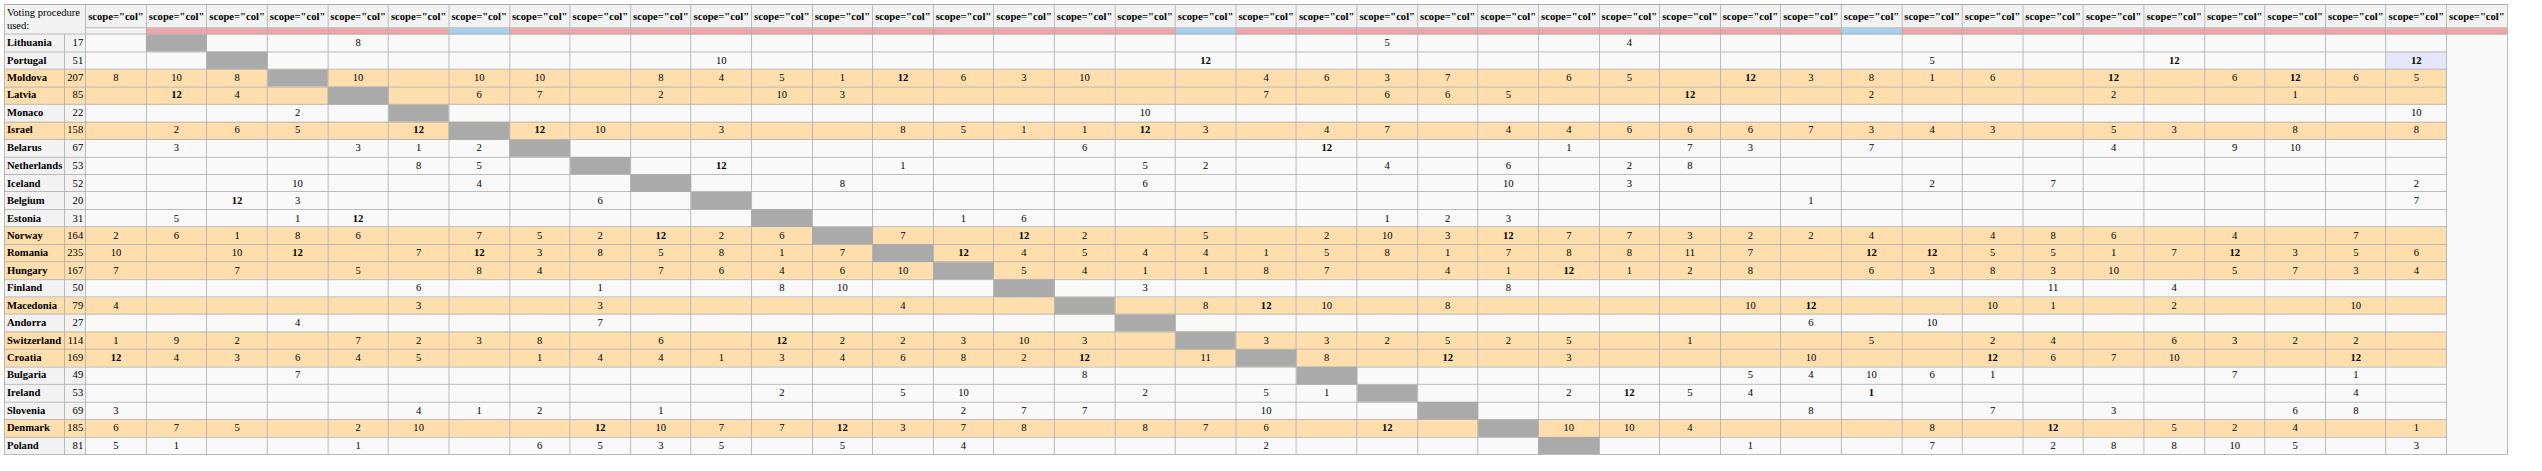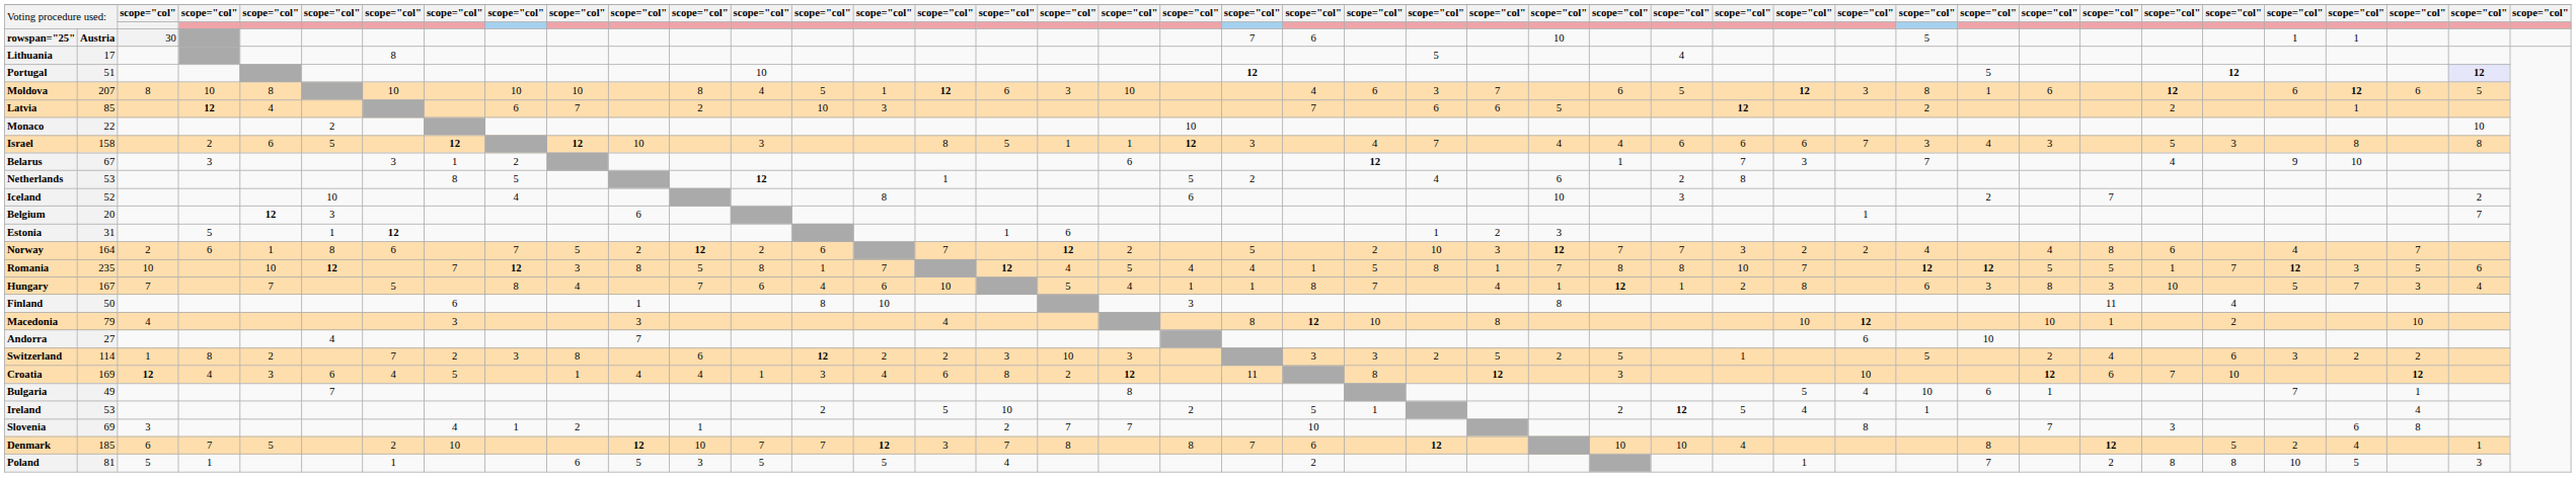 <table class="wikitable plainrowheaders" style="text-align:center; font-size:85%;">
 <tr>
 </tr>
 <tr>
 <td colspan="2" rowspan="2" style="text-align:left; background:#F2F2F2">Voting procedure used:<br></td>
 <th>scope="col" </th>
 <th>scope="col" </th>
 <th>scope="col" </th>
 <th>scope="col" </th>
 <th>scope="col" </th>
 <th>scope="col" </th>
 <th>scope="col" </th>
 <th>scope="col" </th>
 <th>scope="col" </th>
 <th>scope="col" </th>
 <th>scope="col" </th>
 <th>scope="col" </th>
 <th>scope="col" </th>
 <th>scope="col" </th>
 <th>scope="col" </th>
 <th>scope="col" </th>
 <th>scope="col" </th>
 <th>scope="col" </th>
 <th>scope="col" </th>
 <th>scope="col" </th>
 <th>scope="col" </th>
 <th>scope="col" </th>
 <th>scope="col" </th>
 <th>scope="col" </th>
 <th>scope="col" </th>
 <th>scope="col" </th>
 <th>scope="col" </th>
 <th>scope="col" </th>
 <th>scope="col" </th>
 <th>scope="col" </th>
 <th>scope="col" </th>
 <th>scope="col" </th>
 <th>scope="col" </th>
 <th>scope="col" </th>
 <th>scope="col" </th>
 <th>scope="col" </th>
 <th>scope="col" </th>
 <th>scope="col" </th>
 <th>scope="col" </th>
 <th>scope="col" </th>
 </tr>
 <tr>
 <th style="height:2px; border-top:1px solid transparent;"></th>
 <td style="background:#EFA4A9;"></td>
 <td style="background:#EFA4A9;"></td>
 <td style="background:#EFA4A9;"></td>
 <td style="background:#EFA4A9;"></td>
 <td style="background:#EFA4A9;"></td>
 <td style="background:#A4D1EF;"></td>
 <td style="background:#EFA4A9;"></td>
 <td style="background:#EFA4A9;"></td>
 <td style="background:#EFA4A9;"></td>
 <td style="background:#EFA4A9;"></td>
 <td style="background:#EFA4A9;"></td>
 <td style="background:#EFA4A9;"></td>
 <td style="background:#EFA4A9;"></td>
 <td style="background:#EFA4A9;"></td>
 <td style="background:#EFA4A9;"></td>
 <td style="background:#EFA4A9;"></td>
 <td style="background:#EFA4A9;"></td>
 <td style="background:#A4D1EF;"></td>
 <td style="background:#EFA4A9;"></td>
 <td style="background:#EFA4A9;"></td>
 <td style="background:#EFA4A9;"></td>
 <td style="background:#EFA4A9;"></td>
 <td style="background:#EFA4A9;"></td>
 <td style="background:#EFA4A9;"></td>
 <td style="background:#EFA4A9;"></td>
 <td style="background:#EFA4A9;"></td>
 <td style="background:#EFA4A9;"></td>
 <td style="background:#EFA4A9;"></td>
 <td style="background:#A4D1EF;"></td>
 <td style="background:#EFA4A9;"></td>
 <td style="background:#EFA4A9;"></td>
 <td style="background:#EFA4A9;"></td>
 <td style="background:#EFA4A9;"></td>
 <td style="background:#EFA4A9;"></td>
 <td style="background:#EFA4A9;"></td>
 <td style="background:#EFA4A9;"></td>
 <td style="background:#EFA4A9;"></td>
 <td style="background:#EFA4A9;"></td>
 <td style="background:#EFA4A9;"></td>
+</tr>
+<tr>
+<th>rowspan="25" </th>
+<th scope="row" style="text-align:left; background:#f2f2f2;">Austria</th>
+<td style="text-align:right; background:#f2f2f2;">30</td>
+<td style="text-align:left; background:#aaa;"></td>
+<td></td>
+<td></td>
+<td></td>
+<td></td>
+<td></td>
+<td></td>
+<td></td>
+<td></td>
+<td></td>
+<td></td>
+<td></td>
+<td></td>
+<td></td>
+<td></td>
+<td></td>
+<td></td>
+<td>7</td>
+<td>6</td>
+<td></td>
+<td></td>
+<td></td>
+<td>10</td>
+<td></td>
+<td></td>
+<td></td>
+<td></td>
+<td></td>
+<td>5</td>
+<td></td>
+<td></td>
+<td></td>
+<td></td>
+<td></td>
+<td>1</td>
+<td>1</td>
+<td></td>
+<td></td>
+<td></td>
 </tr>
 <tr>
 <th scope="row" style="text-align:left; background:#f2f2f2;">Lithuania</th>
 <td style="text-align:right; background:#f2f2f2;">17</td>
 <td></td>
 <td style="text-align:left; background:#aaa;"></td>
 <td></td>
 <td></td>
 <td>8</td>
 <td></td>
 <td></td>
 <td></td>
 <td></td>
 <td></td>
 <td></td>
 <td></td>
 <td></td>
 <td></td>
 <td></td>
 <td></td>
 <td></td>
 <td></td>
 <td></td>
 <td></td>
 <td></td>
 <td>5</td>
 <td></td>
 <td></td>
 <td></td>
 <td>4</td>
 <td></td>
 <td></td>
 <td></td>
 <td></td>
 <td></td>
 <td></td>
 <td></td>
 <td></td>
 <td></td>
 <td></td>
 <td></td>
 <td></td>
 <td></td>
 </tr>
 <tr>
 <th scope="row" style="text-align:left; background:#f2f2f2;">Portugal</th>
 <td style="text-align:right; background:#f2f2f2;">51</td>
 <td></td>
 <td></td>
 <td style="text-align:left; background:#aaa;"></td>
 <td></td>
 <td></td>
 <td></td>
 <td></td>
 <td></td>
 <td></td>
 <td></td>
 <td>10</td>
 <td></td>
 <td></td>
 <td></td>
 <td></td>
 <td></td>
 <td></td>
 <td></td>
 <td><strong>12</strong></td>
 <td></td>
 <td></td>
 <td></td>
 <td></td>
 <td></td>
 <td></td>
 <td></td>
 <td></td>
 <td></td>
 <td></td>
 <td></td>
 <td>5</td>
 <td></td>
 <td></td>
 <td></td>
 <td><strong>12</strong></td>
 <td></td>
 <td></td>
 <td></td>
 <td style="background: lavender;"><strong>12</strong></td>
 </tr>
 <tr style="background:#ffdead;">
 <th scope="row" style="text-align:left; font-weight:bold; background:#ffdead;">Moldova</th>
 <td style="text-align:right;">207</td>
 <td>8</td>
 <td>10</td>
 <td>8</td>
 <td style="text-align:left; background:#aaa;"></td>
 <td>10</td>
 <td></td>
 <td>10</td>
 <td>10</td>
 <td></td>
 <td>8</td>
 <td>4</td>
 <td>5</td>
 <td>1</td>
 <td><strong>12</strong></td>
 <td>6</td>
 <td>3</td>
 <td>10</td>
 <td></td>
 <td></td>
 <td>4</td>
 <td>6</td>
 <td>3</td>
 <td>7</td>
 <td></td>
 <td>6</td>
 <td>5</td>
 <td></td>
 <td><strong>12</strong></td>
 <td>3</td>
 <td>8</td>
 <td>1</td>
 <td>6</td>
 <td></td>
 <td><strong>12</strong></td>
 <td></td>
 <td>6</td>
 <td><strong>12</strong></td>
 <td>6</td>
 <td>5</td>
 </tr>
 <tr style="background:#ffdead;">
 <th scope="row" style="text-align:left; font-weight:bold; background:#ffdead;">Latvia</th>
 <td style="text-align:right;">85</td>
 <td></td>
 <td><strong>12</strong></td>
 <td>4</td>
 <td></td>
 <td style="text-align:left; background:#aaa;"></td>
 <td></td>
 <td>6</td>
 <td>7</td>
 <td></td>
 <td>2</td>
 <td></td>
 <td>10</td>
 <td>3</td>
 <td></td>
 <td></td>
 <td></td>
 <td></td>
 <td></td>
 <td></td>
 <td>7</td>
 <td></td>
 <td>6</td>
 <td>6</td>
 <td>5</td>
 <td></td>
 <td></td>
 <td><strong>12</strong></td>
 <td></td>
 <td></td>
 <td>2</td>
 <td></td>
 <td></td>
 <td></td>
 <td>2</td>
 <td></td>
 <td></td>
 <td>1</td>
 <td></td>
 <td></td>
 </tr>
 <tr>
 <th scope="row" style="text-align:left; background:#f2f2f2;">Monaco</th>
 <td style="text-align:right; background:#f2f2f2;">22</td>
 <td></td>
 <td></td>
 <td></td>
 <td>2</td>
 <td></td>
 <td style="text-align:left; background:#aaa;"></td>
 <td></td>
 <td></td>
 <td></td>
 <td></td>
 <td></td>
 <td></td>
 <td></td>
 <td></td>
 <td></td>
 <td></td>
 <td></td>
 <td>10</td>
 <td></td>
 <td></td>
 <td></td>
 <td></td>
 <td></td>
 <td></td>
 <td></td>
 <td></td>
 <td></td>
 <td></td>
 <td></td>
 <td></td>
 <td></td>
 <td></td>
 <td></td>
 <td></td>
 <td></td>
 <td></td>
 <td></td>
 <td></td>
 <td>10</td>
 </tr>
 <tr style="background:#ffdead;">
 <th scope="row" style="text-align:left; font-weight:bold; background:#ffdead;">Israel</th>
 <td style="text-align:right;">158</td>
 <td></td>
 <td>2</td>
 <td>6</td>
 <td>5</td>
 <td></td>
 <td><strong>12</strong></td>
 <td style="text-align:left; background:#aaa;"></td>
 <td><strong>12</strong></td>
 <td>10</td>
 <td></td>
 <td>3</td>
 <td></td>
 <td></td>
 <td>8</td>
 <td>5</td>
 <td>1</td>
 <td>1</td>
 <td><strong>12</strong></td>
 <td>3</td>
 <td></td>
 <td>4</td>
 <td>7</td>
 <td></td>
 <td>4</td>
 <td>4</td>
 <td>6</td>
 <td>6</td>
 <td>6</td>
 <td>7</td>
 <td>3</td>
 <td>4</td>
 <td>3</td>
 <td></td>
 <td>5</td>
 <td>3</td>
 <td></td>
 <td>8</td>
 <td></td>
 <td>8</td>
 </tr>
 <tr>
 <th scope="row" style="text-align:left; background:#f2f2f2;">Belarus</th>
 <td style="text-align:right; background:#f2f2f2;">67</td>
 <td></td>
 <td>3</td>
 <td></td>
 <td></td>
 <td>3</td>
 <td>1</td>
 <td>2</td>
 <td style="text-align:left; background:#aaa;"></td>
 <td></td>
 <td></td>
 <td></td>
 <td></td>
 <td></td>
 <td></td>
 <td></td>
 <td></td>
 <td>6</td>
 <td></td>
 <td></td>
 <td></td>
 <td><strong>12</strong></td>
 <td></td>
 <td></td>
 <td></td>
 <td>1</td>
 <td></td>
 <td>7</td>
 <td>3</td>
 <td></td>
 <td>7</td>
 <td></td>
 <td></td>
 <td></td>
 <td>4</td>
 <td></td>
 <td>9</td>
 <td>10</td>
 <td></td>
 <td></td>
 </tr>
 <tr>
 <th scope="row" style="text-align:left; background:#f2f2f2;">Netherlands</th>
 <td style="text-align:right; background:#f2f2f2;">53</td>
 <td></td>
 <td></td>
 <td></td>
 <td></td>
 <td></td>
 <td>8</td>
 <td>5</td>
 <td></td>
 <td style="text-align:left; background:#aaa;"></td>
 <td></td>
 <td><strong>12</strong></td>
 <td></td>
 <td></td>
 <td>1</td>
 <td></td>
 <td></td>
 <td></td>
 <td>5</td>
 <td>2</td>
 <td></td>
 <td></td>
 <td>4</td>
 <td></td>
 <td>6</td>
 <td></td>
 <td>2</td>
 <td>8</td>
 <td></td>
 <td></td>
 <td></td>
 <td></td>
 <td></td>
 <td></td>
 <td></td>
 <td></td>
 <td></td>
 <td></td>
 <td></td>
 <td></td>
 </tr>
 <tr>
 <th scope="row" style="text-align:left; background:#f2f2f2;">Iceland</th>
 <td style="text-align:right; background:#f2f2f2;">52</td>
 <td></td>
 <td></td>
 <td></td>
 <td>10</td>
 <td></td>
 <td></td>
 <td>4</td>
 <td></td>
 <td></td>
 <td style="text-align:left; background:#aaa;"></td>
 <td></td>
 <td></td>
 <td>8</td>
 <td></td>
 <td></td>
 <td></td>
 <td></td>
 <td>6</td>
 <td></td>
 <td></td>
 <td></td>
 <td></td>
 <td></td>
 <td>10</td>
 <td></td>
 <td>3</td>
 <td></td>
 <td></td>
 <td></td>
 <td></td>
 <td>2</td>
 <td></td>
 <td>7</td>
 <td></td>
 <td></td>
 <td></td>
 <td></td>
 <td></td>
 <td>2</td>
 </tr>
 <tr>
 <th scope="row" style="text-align:left; background:#f2f2f2;">Belgium</th>
 <td style="text-align:right; background:#f2f2f2;">20</td>
 <td></td>
 <td></td>
 <td><strong>12</strong></td>
 <td>3</td>
 <td></td>
 <td></td>
 <td></td>
 <td></td>
 <td>6</td>
 <td></td>
 <td style="text-align:left; background:#aaa;"></td>
 <td></td>
 <td></td>
 <td></td>
 <td></td>
 <td></td>
 <td></td>
 <td></td>
 <td></td>
 <td></td>
 <td></td>
 <td></td>
 <td></td>
 <td></td>
 <td></td>
 <td></td>
 <td></td>
 <td></td>
 <td>1</td>
 <td></td>
 <td></td>
 <td></td>
 <td></td>
 <td></td>
 <td></td>
 <td></td>
 <td></td>
 <td></td>
 <td>7</td>
 </tr>
 <tr>
 <th scope="row" style="text-align:left; background:#f2f2f2;">Estonia</th>
 <td style="text-align:right; background:#f2f2f2;">31</td>
 <td></td>
 <td>5</td>
 <td></td>
 <td>1</td>
 <td><strong>12</strong></td>
 <td></td>
 <td></td>
 <td></td>
 <td></td>
 <td></td>
 <td></td>
 <td style="text-align:left; background:#aaa;"></td>
 <td></td>
 <td></td>
 <td>1</td>
 <td>6</td>
 <td></td>
 <td></td>
 <td></td>
 <td></td>
 <td></td>
 <td>1</td>
 <td>2</td>
 <td>3</td>
 <td></td>
 <td></td>
 <td></td>
 <td></td>
 <td></td>
 <td></td>
 <td></td>
 <td></td>
 <td></td>
 <td></td>
 <td></td>
 <td></td>
 <td></td>
 <td></td>
 <td></td>
 </tr>
 <tr style="background:#ffdead;">
 <th scope="row" style="text-align:left; font-weight:bold; background:#ffdead;">Norway</th>
 <td style="text-align:right;">164</td>
 <td>2</td>
 <td>6</td>
 <td>1</td>
 <td>8</td>
 <td>6</td>
 <td></td>
 <td>7</td>
 <td>5</td>
 <td>2</td>
 <td><strong>12</strong></td>
 <td>2</td>
 <td>6</td>
 <td style="text-align:left; background:#aaa;"></td>
 <td>7</td>
 <td></td>
 <td><strong>12</strong></td>
 <td>2</td>
 <td></td>
 <td>5</td>
 <td></td>
 <td>2</td>
 <td>10</td>
 <td>3</td>
 <td><strong>12</strong></td>
 <td>7</td>
 <td>7</td>
 <td>3</td>
 <td>2</td>
 <td>2</td>
 <td>4</td>
 <td></td>
 <td>4</td>
 <td>8</td>
 <td>6</td>
 <td></td>
 <td>4</td>
 <td></td>
 <td>7</td>
 <td></td>
 </tr>
 <tr style="background:#ffdead;">
 <th scope="row" style="text-align:left; font-weight:bold; background:#ffdead;">Romania</th>
 <td style="text-align:right;">235</td>
 <td>10</td>
 <td></td>
 <td>10</td>
 <td><strong>12</strong></td>
 <td></td>
 <td>7</td>
 <td><strong>12</strong></td>
 <td>3</td>
 <td>8</td>
 <td>5</td>
 <td>8</td>
 <td>1</td>
 <td>7</td>
 <td style="text-align:left; background:#aaa;"></td>
 <td><strong>12</strong></td>
 <td>4</td>
 <td>5</td>
 <td>4</td>
 <td>4</td>
 <td>1</td>
 <td>5</td>
 <td>8</td>
 <td>1</td>
 <td>7</td>
 <td>8</td>
 <td>8</td>
-<td>11</td>
+<td>10</td>
 <td>7</td>
 <td></td>
 <td><strong>12</strong></td>
 <td><strong>12</strong></td>
 <td>5</td>
 <td>5</td>
 <td>1</td>
 <td>7</td>
 <td><strong>12</strong></td>
 <td>3</td>
 <td>5</td>
 <td>6</td>
 </tr>
 <tr style="background:#ffdead;">
 <th scope="row" style="text-align:left; font-weight:bold; background:#ffdead;">Hungary</th>
 <td style="text-align:right;">167</td>
 <td>7</td>
 <td></td>
 <td>7</td>
 <td></td>
 <td>5</td>
 <td></td>
 <td>8</td>
 <td>4</td>
 <td></td>
 <td>7</td>
 <td>6</td>
 <td>4</td>
 <td>6</td>
 <td>10</td>
 <td style="text-align:left; background:#aaa;"></td>
 <td>5</td>
 <td>4</td>
 <td>1</td>
 <td>1</td>
 <td>8</td>
 <td>7</td>
 <td></td>
 <td>4</td>
 <td>1</td>
 <td><strong>12</strong></td>
 <td>1</td>
 <td>2</td>
 <td>8</td>
 <td></td>
 <td>6</td>
 <td>3</td>
 <td>8</td>
 <td>3</td>
 <td>10</td>
 <td></td>
 <td>5</td>
 <td>7</td>
 <td>3</td>
 <td>4</td>
 </tr>
 <tr>
 <th scope="row" style="text-align:left; background:#f2f2f2;">Finland</th>
 <td style="text-align:right; background:#f2f2f2;">50</td>
 <td></td>
 <td></td>
 <td></td>
 <td></td>
 <td></td>
 <td>6</td>
 <td></td>
 <td></td>
 <td>1</td>
 <td></td>
 <td></td>
 <td>8</td>
 <td>10</td>
 <td></td>
 <td></td>
 <td style="text-align:left; background:#aaa;"></td>
 <td></td>
 <td>3</td>
 <td></td>
 <td></td>
 <td></td>
 <td></td>
 <td></td>
 <td>8</td>
 <td></td>
 <td></td>
 <td></td>
 <td></td>
 <td></td>
 <td></td>
 <td></td>
 <td></td>
 <td>11</td>
 <td></td>
 <td>4</td>
 <td></td>
 <td></td>
 <td></td>
 <td></td>
 </tr>
 <tr style="background:#ffdead;">
 <th scope="row" style="text-align:left; font-weight:bold; background:#ffdead;">Macedonia</th>
 <td style="text-align:right;">79</td>
 <td>4</td>
 <td></td>
 <td></td>
 <td></td>
 <td></td>
 <td>3</td>
 <td></td>
 <td></td>
 <td>3</td>
 <td></td>
 <td></td>
 <td></td>
 <td></td>
 <td>4</td>
 <td></td>
 <td></td>
 <td style="text-align:left; background:#aaa;"></td>
 <td></td>
 <td>8</td>
 <td><strong>12</strong></td>
 <td>10</td>
 <td></td>
 <td>8</td>
 <td></td>
 <td></td>
 <td></td>
 <td></td>
 <td>10</td>
 <td><strong>12</strong></td>
 <td></td>
 <td></td>
 <td>10</td>
 <td>1</td>
 <td></td>
 <td>2</td>
 <td></td>
 <td></td>
 <td>10</td>
 <td></td>
 </tr>
 <tr>
 <th scope="row" style="text-align:left; background:#f2f2f2;">Andorra</th>
 <td style="text-align:right; background:#f2f2f2;">27</td>
 <td></td>
 <td></td>
 <td></td>
 <td>4</td>
 <td></td>
 <td></td>
 <td></td>
 <td></td>
 <td>7</td>
 <td></td>
 <td></td>
 <td></td>
 <td></td>
 <td></td>
 <td></td>
 <td></td>
 <td></td>
 <td style="text-align:left; background:#aaa;"></td>
 <td></td>
 <td></td>
 <td></td>
 <td></td>
 <td></td>
 <td></td>
 <td></td>
 <td></td>
 <td></td>
 <td></td>
 <td>6</td>
 <td></td>
 <td>10</td>
 <td></td>
 <td></td>
 <td></td>
 <td></td>
 <td></td>
 <td></td>
 <td></td>
 <td></td>
 </tr>
 <tr style="background:#ffdead;">
 <th scope="row" style="text-align:left; font-weight:bold; background:#ffdead;">Switzerland</th>
 <td style="text-align:right;">114</td>
 <td>1</td>
-<td>9</td>
+<td>8</td>
 <td>2</td>
 <td></td>
 <td>7</td>
 <td>2</td>
 <td>3</td>
 <td>8</td>
 <td></td>
 <td>6</td>
 <td></td>
 <td><strong>12</strong></td>
 <td>2</td>
 <td>2</td>
 <td>3</td>
 <td>10</td>
 <td>3</td>
 <td></td>
 <td style="text-align:left; background:#aaa;"></td>
 <td>3</td>
 <td>3</td>
 <td>2</td>
 <td>5</td>
 <td>2</td>
 <td>5</td>
 <td></td>
 <td>1</td>
 <td></td>
 <td></td>
 <td>5</td>
 <td></td>
 <td>2</td>
 <td>4</td>
 <td></td>
 <td>6</td>
 <td>3</td>
 <td>2</td>
 <td>2</td>
 <td></td>
 </tr>
 <tr style="background:#ffdead;">
 <th scope="row" style="text-align:left; font-weight:bold; background:#ffdead;">Croatia</th>
 <td style="text-align:right;">169</td>
 <td><strong>12</strong></td>
 <td>4</td>
 <td>3</td>
 <td>6</td>
 <td>4</td>
 <td>5</td>
 <td></td>
 <td>1</td>
 <td>4</td>
 <td>4</td>
 <td>1</td>
 <td>3</td>
 <td>4</td>
 <td>6</td>
 <td>8</td>
 <td>2</td>
 <td><strong>12</strong></td>
 <td></td>
 <td>11</td>
 <td style="text-align:left; background:#aaa;"></td>
 <td>8</td>
 <td></td>
 <td><strong>12</strong></td>
 <td></td>
 <td>3</td>
 <td></td>
 <td></td>
 <td></td>
 <td>10</td>
 <td></td>
 <td></td>
 <td><strong>12</strong></td>
 <td>6</td>
 <td>7</td>
 <td>10</td>
 <td></td>
 <td></td>
 <td><strong>12</strong></td>
 <td></td>
 </tr>
 <tr>
 <th scope="row" style="text-align:left; background:#f2f2f2;">Bulgaria</th>
 <td style="text-align:right; background:#f2f2f2;">49</td>
 <td></td>
 <td></td>
 <td></td>
 <td>7</td>
 <td></td>
 <td></td>
 <td></td>
 <td></td>
 <td></td>
 <td></td>
 <td></td>
 <td></td>
 <td></td>
 <td></td>
 <td></td>
 <td></td>
 <td>8</td>
 <td></td>
 <td></td>
 <td></td>
 <td style="text-align:left; background:#aaa;"></td>
 <td></td>
 <td></td>
 <td></td>
 <td></td>
 <td></td>
 <td></td>
 <td>5</td>
 <td>4</td>
 <td>10</td>
 <td>6</td>
 <td>1</td>
 <td></td>
 <td></td>
 <td></td>
 <td>7</td>
 <td></td>
 <td>1</td>
 <td></td>
 </tr>
 <tr>
 <th scope="row" style="text-align:left; background:#f2f2f2;">Ireland</th>
 <td style="text-align:right; background:#f2f2f2;">53</td>
 <td></td>
 <td></td>
 <td></td>
 <td></td>
 <td></td>
 <td></td>
 <td></td>
 <td></td>
 <td></td>
 <td></td>
 <td></td>
 <td>2</td>
 <td></td>
 <td>5</td>
 <td>10</td>
 <td></td>
 <td></td>
 <td>2</td>
 <td></td>
 <td>5</td>
 <td>1</td>
 <td style="text-align:left; background:#aaa;"></td>
 <td></td>
 <td></td>
 <td>2</td>
 <td><strong>12</strong></td>
 <td>5</td>
 <td>4</td>
 <td></td>
-<td><strong>1</strong></td>
+<td>1</td>
 <td></td>
 <td></td>
 <td></td>
 <td></td>
 <td></td>
 <td></td>
 <td></td>
 <td>4</td>
 <td></td>
 </tr>
 <tr>
 <th scope="row" style="text-align:left; background:#f2f2f2;">Slovenia</th>
 <td style="text-align:right; background:#f2f2f2;">69</td>
 <td>3</td>
 <td></td>
 <td></td>
 <td></td>
 <td></td>
 <td>4</td>
 <td>1</td>
 <td>2</td>
 <td></td>
 <td>1</td>
 <td></td>
 <td></td>
 <td></td>
 <td></td>
 <td>2</td>
 <td>7</td>
 <td>7</td>
 <td></td>
 <td></td>
 <td>10</td>
 <td></td>
 <td></td>
 <td style="text-align:left; background:#aaa;"></td>
 <td></td>
 <td></td>
 <td></td>
 <td></td>
 <td></td>
 <td>8</td>
 <td></td>
 <td></td>
 <td>7</td>
 <td></td>
 <td>3</td>
 <td></td>
 <td></td>
 <td>6</td>
 <td>8</td>
 <td></td>
 </tr>
 <tr style="background:#ffdead;">
 <th scope="row" style="text-align:left; font-weight:bold; background:#ffdead;">Denmark</th>
 <td style="text-align:right;">185</td>
 <td>6</td>
 <td>7</td>
 <td>5</td>
 <td></td>
 <td>2</td>
 <td>10</td>
 <td></td>
 <td></td>
 <td><strong>12</strong></td>
 <td>10</td>
 <td>7</td>
 <td>7</td>
 <td><strong>12</strong></td>
 <td>3</td>
 <td>7</td>
 <td>8</td>
 <td></td>
 <td>8</td>
 <td>7</td>
 <td>6</td>
 <td></td>
 <td><strong>12</strong></td>
 <td></td>
 <td style="text-align:left; background:#aaa;"></td>
 <td>10</td>
 <td>10</td>
 <td>4</td>
 <td></td>
 <td></td>
 <td></td>
 <td>8</td>
 <td></td>
 <td><strong>12</strong></td>
 <td></td>
 <td>5</td>
 <td>2</td>
 <td>4</td>
 <td></td>
 <td>1</td>
 </tr>
 <tr>
 <th scope="row" style="text-align:left; background:#f2f2f2;">Poland</th>
 <td style="text-align:right; background:#f2f2f2;">81</td>
 <td>5</td>
 <td>1</td>
 <td></td>
 <td></td>
 <td>1</td>
 <td></td>
 <td></td>
 <td>6</td>
 <td>5</td>
 <td>3</td>
 <td>5</td>
 <td></td>
 <td>5</td>
 <td></td>
 <td>4</td>
 <td></td>
 <td></td>
 <td></td>
 <td></td>
 <td>2</td>
 <td></td>
 <td></td>
 <td></td>
 <td></td>
 <td style="text-align:left; background:#aaa;"></td>
 <td></td>
 <td></td>
 <td>1</td>
 <td></td>
 <td></td>
 <td>7</td>
 <td></td>
 <td>2</td>
 <td>8</td>
 <td>8</td>
 <td>10</td>
 <td>5</td>
 <td></td>
 <td>3</td>
 </tr>
 </table>
